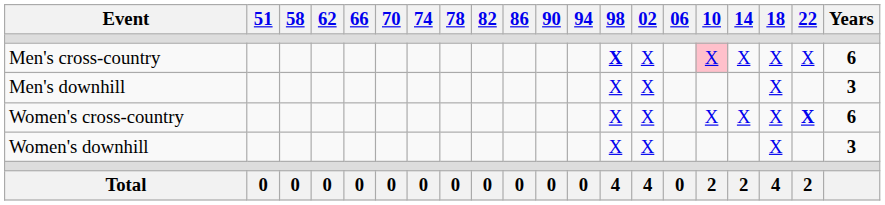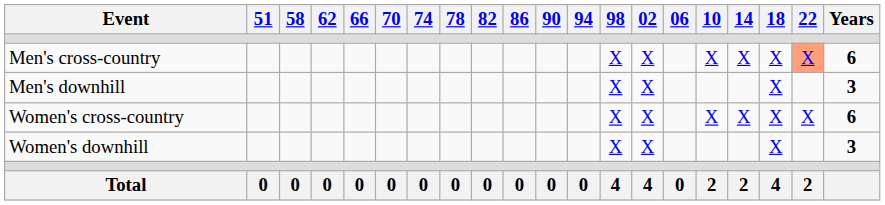 <table class="wikitable" style="text-align:center">
 <tr>
 <th width="200">Event</th>
 <th width=20><a href='#'>51</a></th>
 <th width=20><a href='#'>58</a></th>
 <th width=20><a href='#'>62</a></th>
 <th width=20><a href='#'>66</a></th>
 <th width=20><a href='#'>70</a></th>
 <th width=20><a href='#'>74</a></th>
 <th width=20><a href='#'>78</a></th>
 <th width=20><a href='#'>82</a></th>
 <th width=20><a href='#'>86</a></th>
 <th width=20><a href='#'>90</a></th>
 <th width=20><a href='#'>94</a></th>
 <th width=20><a href='#'>98</a></th>
 <th width=20><a href='#'>02</a></th>
 <th width=20><a href='#'>06</a></th>
 <th width=20><a href='#'>10</a></th>
 <th width=20><a href='#'>14</a></th>
 <th width=20><a href='#'>18</a></th>
 <th width=20><a href='#'>22</a></th>
 <th width=40>Years</th>
 </tr>
 <tr bgcolor=#DDDDDD>
 <td colspan=20></td>
 </tr>
 <tr>
 <td align=left>Men's cross-country</td>
 <td></td>
 <td></td>
 <td></td>
 <td></td>
 <td></td>
 <td></td>
 <td></td>
 <td></td>
 <td></td>
 <td></td>
 <td></td>
-<td><strong><a href='#'>X</a></strong></td>
+<td><a href='#'>X</a></td>
 <td><a href='#'>X</a></td>
 <td></td>
-<td style="background: pink;"><a href='#'>X</a></td>
 <td><a href='#'>X</a></td>
 <td><a href='#'>X</a></td>
 <td><a href='#'>X</a></td>
+<td style="background: lightsalmon;"><a href='#'>X</a></td>
 <td><strong>6</strong></td>
 </tr>
 <tr>
 <td align=left>Men's downhill</td>
 <td></td>
 <td></td>
 <td></td>
 <td></td>
 <td></td>
 <td></td>
 <td></td>
 <td></td>
 <td></td>
 <td></td>
 <td></td>
 <td><a href='#'>X</a></td>
 <td><a href='#'>X</a></td>
 <td></td>
 <td></td>
 <td></td>
 <td><a href='#'>X</a></td>
 <td></td>
 <td><strong>3</strong></td>
 </tr>
 <tr>
 <td align=left>Women's cross-country</td>
 <td></td>
 <td></td>
 <td></td>
 <td></td>
 <td></td>
 <td></td>
 <td></td>
 <td></td>
 <td></td>
 <td></td>
 <td></td>
 <td><a href='#'>X</a></td>
 <td><a href='#'>X</a></td>
 <td></td>
 <td><a href='#'>X</a></td>
 <td><a href='#'>X</a></td>
 <td><a href='#'>X</a></td>
-<td><strong><a href='#'>X</a></strong></td>
+<td><a href='#'>X</a></td>
 <td><strong>6</strong></td>
 </tr>
 <tr>
 <td align=left>Women's downhill</td>
 <td></td>
 <td></td>
 <td></td>
 <td></td>
 <td></td>
 <td></td>
 <td></td>
 <td></td>
 <td></td>
 <td></td>
 <td></td>
 <td><a href='#'>X</a></td>
 <td><a href='#'>X</a></td>
 <td></td>
 <td></td>
 <td></td>
 <td><a href='#'>X</a></td>
 <td></td>
 <td><strong>3</strong></td>
 </tr>
 <tr bgcolor=#DDDDDD>
 <td colspan=20></td>
 </tr>
 <tr>
 <th>Total</th>
 <th>0</th>
 <th>0</th>
 <th>0</th>
 <th>0</th>
 <th>0</th>
 <th>0</th>
 <th>0</th>
 <th>0</th>
 <th>0</th>
 <th>0</th>
 <th>0</th>
 <th>4</th>
 <th>4</th>
 <th>0</th>
 <th>2</th>
 <th>2</th>
 <th>4</th>
 <th>2</th>
 <th></th>
 </tr>
 </table>
